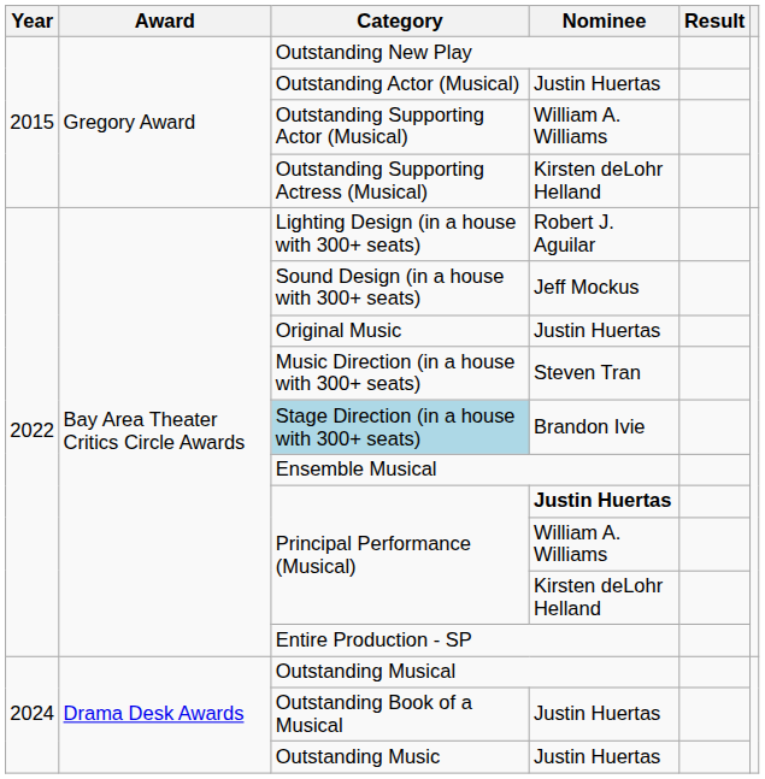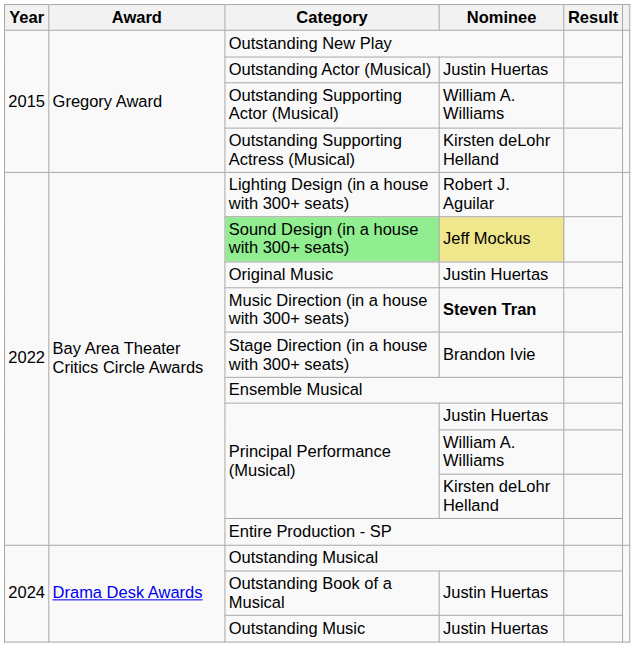 <table class="wikitable">
 <tr>
 <th>Year</th>
 <th>Award</th>
 <th>Category</th>
 <th>Nominee</th>
 <th>Result</th>
 <th></th>
 </tr>
 <tr>
 <td rowspan="4">2015</td>
 <td rowspan="4">Gregory Award</td>
 <td colspan="2">Outstanding New Play</td>
 <td></td>
 <td rowspan="4"></td>
 </tr>
 <tr>
 <td>Outstanding Actor (Musical)</td>
 <td>Justin Huertas</td>
 <td></td>
 </tr>
 <tr>
 <td>Outstanding Supporting Actor (Musical)</td>
 <td>William A. Williams</td>
 <td></td>
 </tr>
 <tr>
 <td>Outstanding Supporting Actress (Musical)</td>
 <td>Kirsten deLohr Helland</td>
 <td></td>
 </tr>
 <tr>
 <td rowspan="10">2022</td>
 <td rowspan="10">Bay Area Theater Critics Circle Awards</td>
 <td>Lighting Design (in a house with 300+ seats)</td>
 <td>Robert J. Aguilar</td>
 <td></td>
 <td rowspan="10"></td>
 </tr>
 <tr>
-<td>Sound Design (in a house with 300+ seats)</td>
-<td>Jeff Mockus</td>
+<td style="background: lightgreen;">Sound Design (in a house with 300+ seats)</td>
+<td style="background: khaki;">Jeff Mockus</td>
 <td></td>
 </tr>
 <tr>
 <td>Original Music</td>
 <td>Justin Huertas</td>
 <td></td>
 </tr>
 <tr>
 <td>Music Direction (in a house with 300+ seats)</td>
-<td>Steven Tran</td>
+<td><strong>Steven Tran</strong></td>
 <td></td>
 </tr>
 <tr>
-<td style="background: lightblue;">Stage Direction (in a house with 300+ seats)</td>
+<td>Stage Direction (in a house with 300+ seats)</td>
 <td>Brandon Ivie</td>
 <td></td>
 </tr>
 <tr>
 <td colspan="2">Ensemble Musical</td>
 <td></td>
 </tr>
 <tr>
 <td rowspan="3">Principal Performance (Musical)</td>
-<td><strong>Justin Huertas</strong></td>
+<td>Justin Huertas</td>
 <td></td>
 </tr>
 <tr>
 <td>William A. Williams</td>
 <td></td>
 </tr>
 <tr>
 <td>Kirsten deLohr Helland</td>
 <td></td>
 </tr>
 <tr>
 <td colspan="2">Entire Production - SP</td>
 <td></td>
 </tr>
 <tr>
 <td rowspan="3">2024</td>
 <td rowspan="3"><a href='#'>Drama Desk Awards</a></td>
 <td colspan="2">Outstanding Musical</td>
 <td></td>
 <td rowspan="3"></td>
 </tr>
 <tr>
 <td>Outstanding Book of a Musical</td>
 <td>Justin Huertas</td>
 <td></td>
 </tr>
 <tr>
 <td>Outstanding Music</td>
 <td>Justin Huertas</td>
 <td></td>
 </tr>
 </table>
